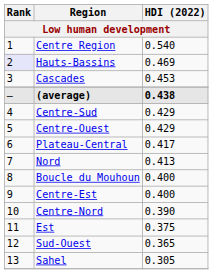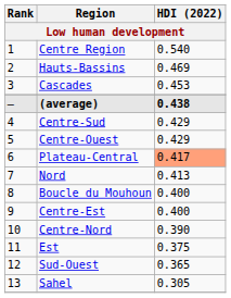 <table class="wikitable sortable">
 <tr>
 <th class="sort">Rank</th>
 <th class="sort">Region</th>
 <th class="sort">HDI (2022)</th>
 </tr>
 <tr>
 <th colspan="4" style="color:#900;">Low human development</th>
 </tr>
 <tr>
 <td>1</td>
 <td style="text-align:left"><a href='#'>Centre Region</a></td>
 <td>0.540</td>
 </tr>
 <tr>
-<td style="background: lavender;">2</td>
+<td>2</td>
 <td style="text-align:left"><a href='#'>Hauts-Bassins</a></td>
 <td>0.469</td>
 </tr>
 <tr>
 <td>3</td>
 <td style="text-align:left"><a href='#'>Cascades</a></td>
 <td>0.453</td>
 </tr>
 <tr>
 </tr>
 <tr style="background:#e6e6e6">
 <td>–</td>
 <td style="text-align:left"><strong></strong> <strong>(average)</strong></td>
 <td><strong>0.438</strong></td>
 </tr>
 <tr>
 <td>4</td>
 <td style="text-align:left"><a href='#'>Centre-Sud</a></td>
 <td>0.429</td>
 </tr>
 <tr>
 <td>5</td>
 <td style="text-align:left"><a href='#'>Centre-Ouest</a></td>
 <td>0.429</td>
 </tr>
 <tr>
 <td>6</td>
 <td style="text-align:left"><a href='#'>Plateau-Central</a></td>
-<td>0.417</td>
+<td style="background: lightsalmon;">0.417</td>
 </tr>
 <tr>
 <td>7</td>
 <td style="text-align:left"><a href='#'>Nord</a></td>
 <td>0.413</td>
 </tr>
 <tr>
 <td>8</td>
 <td style="text-align:left"><a href='#'>Boucle du Mouhoun</a></td>
 <td>0.400</td>
 </tr>
 <tr>
 <td>9</td>
 <td style="text-align:left"><a href='#'>Centre-Est</a></td>
 <td>0.400</td>
 </tr>
 <tr>
 <td>10</td>
 <td style="text-align:left"><a href='#'>Centre-Nord</a></td>
 <td>0.390</td>
 </tr>
 <tr>
 <td>11</td>
 <td style="text-align:left"><a href='#'>Est</a></td>
 <td>0.375</td>
 </tr>
 <tr>
 <td>12</td>
 <td style="text-align:left"><a href='#'>Sud-Ouest</a></td>
 <td>0.365</td>
 </tr>
 <tr>
 <td>13</td>
 <td style="text-align:left"><a href='#'>Sahel</a></td>
 <td>0.305</td>
 </tr>
 <tr>
 </tr>
 </table>
